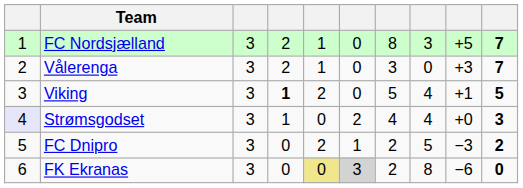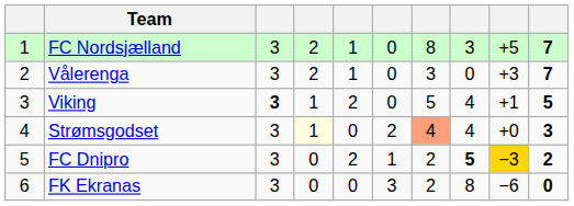 <table class="wikitable" style="text-align: center; font-size: 90%;">
 <tr>
 <th width=25></th>
 <th width=165>Team</th>
 <th width=25></th>
 <th width=25></th>
 <th width=25></th>
 <th width=25></th>
 <th width=25></th>
 <th width=25></th>
 <th width=25></th>
 <th width=25></th>
 </tr>
 <tr bgcolor="#ccffcc">
 <td>1</td>
 <td align="left"> <a href='#'>FC Nordsjælland</a></td>
 <td>3</td>
 <td>2</td>
 <td>1</td>
 <td>0</td>
 <td>8</td>
 <td>3</td>
 <td>+5</td>
 <td><strong>7</strong></td>
 </tr>
 <tr>
 <td>2</td>
 <td align="left"> <a href='#'>Vålerenga</a></td>
 <td>3</td>
 <td>2</td>
 <td>1</td>
 <td>0</td>
 <td>3</td>
 <td>0</td>
 <td>+3</td>
 <td><strong>7</strong></td>
 </tr>
 <tr>
 <td>3</td>
 <td align="left"> <a href='#'>Viking</a></td>
-<td>3</td>
-<td><strong>1</strong></td>
+<td><strong>3</strong></td>
+<td>1</td>
 <td>2</td>
 <td>0</td>
 <td>5</td>
 <td>4</td>
 <td>+1</td>
 <td><strong>5</strong></td>
 </tr>
 <tr>
-<td style="background: lavender;">4</td>
+<td>4</td>
 <td align="left"> <a href='#'>Strømsgodset</a></td>
 <td>3</td>
-<td>1</td>
+<td style="background: lightyellow;">1</td>
 <td>0</td>
 <td>2</td>
-<td>4</td>
+<td style="background: lightsalmon;">4</td>
 <td>4</td>
 <td>+0</td>
 <td><strong>3</strong></td>
 </tr>
 <tr>
 <td>5</td>
 <td align="left"> <a href='#'>FC Dnipro</a></td>
 <td>3</td>
 <td>0</td>
 <td>2</td>
 <td>1</td>
 <td>2</td>
-<td>5</td>
-<td>−3</td>
+<td><strong>5</strong></td>
+<td style="background: gold;">−3</td>
 <td><strong>2</strong></td>
 </tr>
 <tr>
 <td>6</td>
 <td align="left"> <a href='#'>FK Ekranas</a></td>
 <td>3</td>
 <td>0</td>
-<td style="background: khaki;">0</td>
-<td style="background: lightgrey;">3</td>
+<td>0</td>
+<td>3</td>
 <td>2</td>
 <td>8</td>
 <td>−6</td>
 <td><strong>0</strong></td>
 </tr>
 </table>
